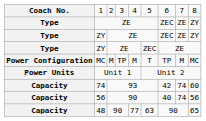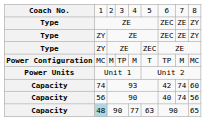 <table class="wikitable" style="text-align: center; font-size: small;">
 <tr>
 <th>Coach No.</th>
 <td>1</td>
 <td>2</td>
 <td>3</td>
 <td>4</td>
 <td>5</td>
 <td>6</td>
 <td>7</td>
 <td>8</td>
 </tr>
 <tr>
 <th>Type</th>
 <td colspan=5>ZE</td>
 <td colspan=1>ZEC</td>
 <td colspan=1>ZE</td>
 <td colspan=1>ZY</td>
 </tr>
 <tr>
 <th>Type</th>
 <td colspan=1>ZY</td>
 <td colspan=4>ZE</td>
 <td colspan=1>ZEC</td>
 <td colspan=1>ZE</td>
 <td colspan=1>ZY</td>
 </tr>
 <tr>
 <th>Type</th>
 <td colspan=1>ZY</td>
 <td colspan=3>ZE</td>
 <td colspan=1>ZEC</td>
 <td colspan=3>ZE</td>
 </tr>
 <tr>
 <th>Power Configuration</th>
 <td colspan=1>MC</td>
 <td colspan=1>M</td>
 <td colspan=1>TP</td>
 <td colspan=1>M</td>
 <td colspan=1>T</td>
 <td colspan=1>TP</td>
 <td colspan=1>M</td>
 <td colspan=1>MC</td>
 </tr>
 <tr>
 <th>Power Units</th>
 <td colspan=4>Unit 1</td>
 <td colspan=4>Unit 2</td>
 </tr>
 <tr>
 <th>Capacity</th>
 <td>74</td>
 <td colspan="4">93</td>
 <td>42</td>
 <td>74</td>
 <td>60</td>
 </tr>
 <tr>
 <th>Capacity</th>
 <td>56</td>
 <td colspan="4">90</td>
 <td>40</td>
 <td>74</td>
 <td>56</td>
 </tr>
 <tr>
 <th>Capacity</th>
-<td>48</td>
+<td style="background: lightblue;">48</td>
 <td colspan="2">90</td>
 <td>77</td>
 <td>63</td>
 <td colspan="2">90</td>
 <td>65</td>
 </tr>
 </table>
